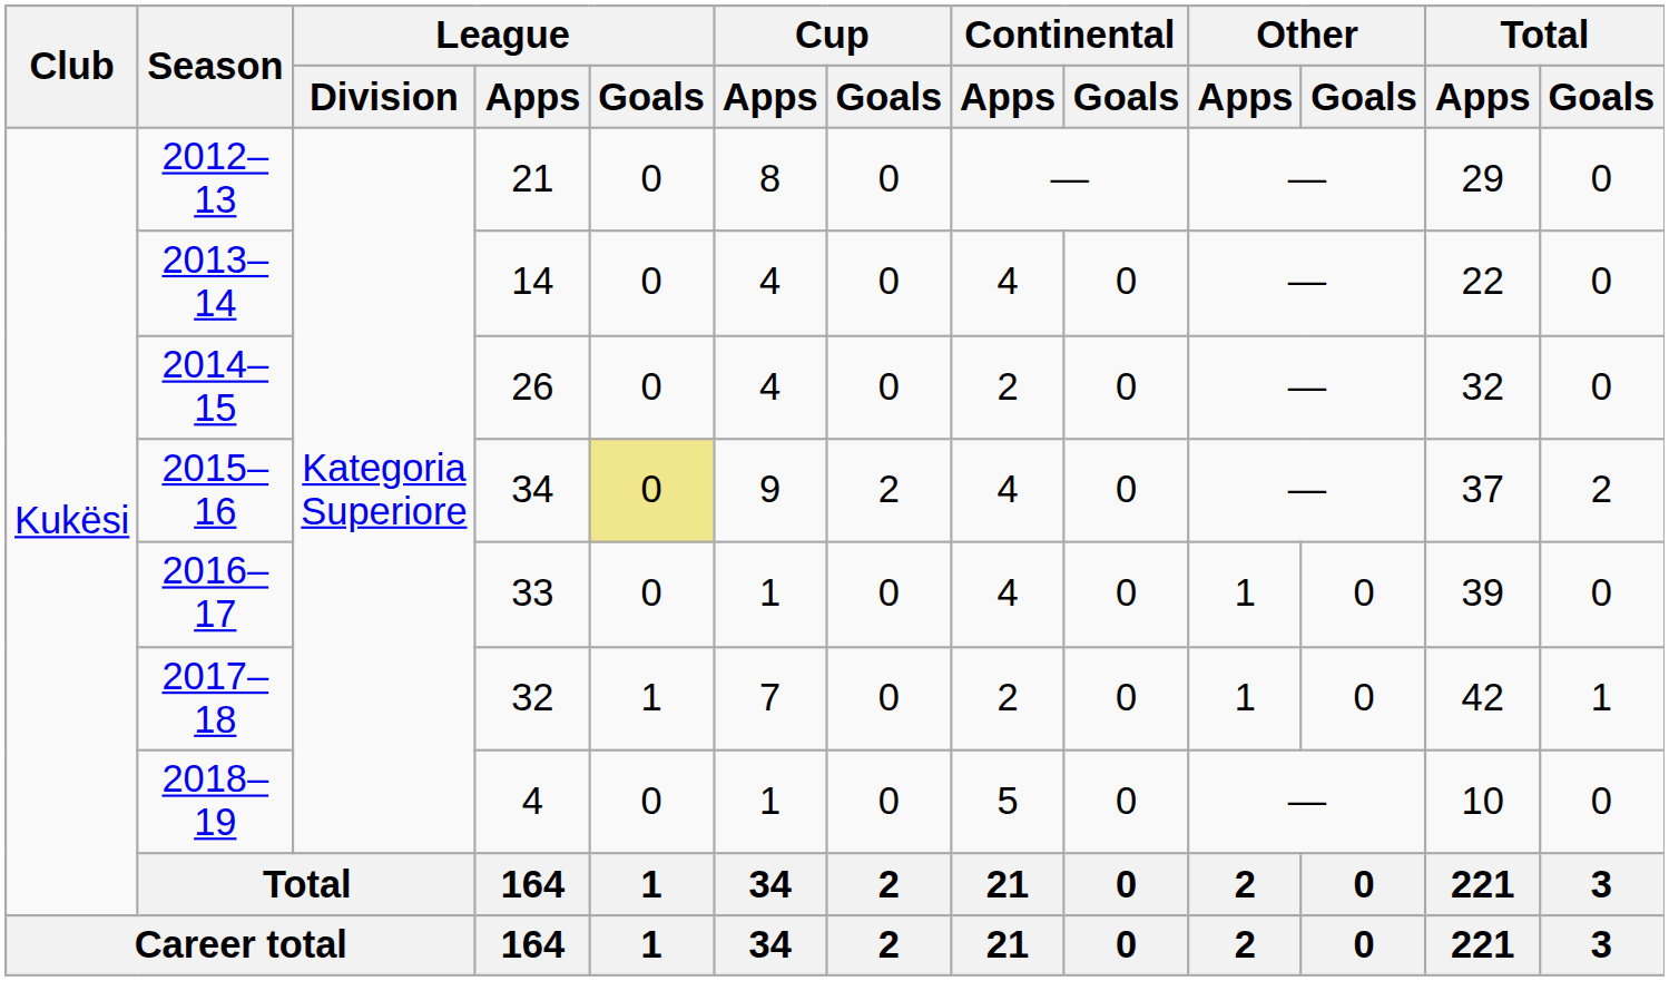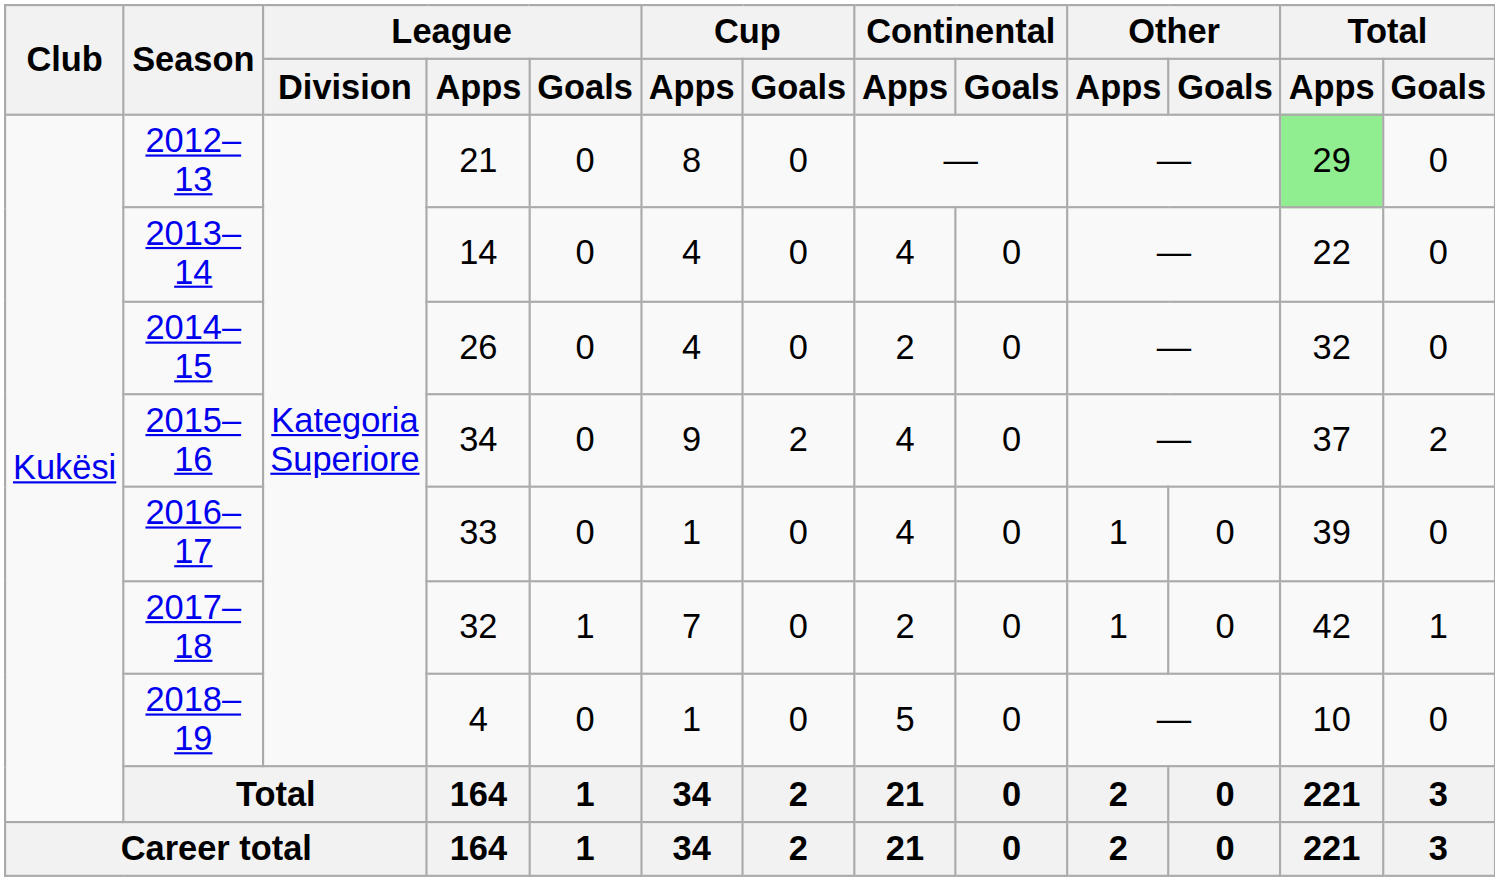 <table class="wikitable" style="text-align:center">
 <tr>
 <th rowspan="2">Club</th>
 <th rowspan="2">Season</th>
 <th colspan="3">League</th>
 <th colspan="2">Cup</th>
 <th colspan="2">Continental</th>
 <th colspan="2">Other</th>
 <th colspan="2">Total</th>
 </tr>
 <tr>
 <th>Division</th>
 <th>Apps</th>
 <th>Goals</th>
 <th>Apps</th>
 <th>Goals</th>
 <th>Apps</th>
 <th>Goals</th>
 <th>Apps</th>
 <th>Goals</th>
 <th>Apps</th>
 <th>Goals</th>
 </tr>
 <tr>
 <td rowspan="8"><a href='#'>Kukësi</a></td>
 <td><a href='#'>2012–13</a></td>
 <td rowspan="7"><a href='#'>Kategoria Superiore</a></td>
 <td>21</td>
 <td>0</td>
 <td>8</td>
 <td>0</td>
 <td colspan="2">—</td>
 <td colspan="2">—</td>
-<td>29</td>
+<td style="background: lightgreen;">29</td>
 <td>0</td>
 </tr>
 <tr>
 <td><a href='#'>2013–14</a></td>
 <td>14</td>
 <td>0</td>
 <td>4</td>
 <td>0</td>
 <td>4</td>
 <td>0</td>
 <td colspan="2">—</td>
 <td>22</td>
 <td>0</td>
 </tr>
 <tr>
 <td><a href='#'>2014–15</a></td>
 <td>26</td>
 <td>0</td>
 <td>4</td>
 <td>0</td>
 <td>2</td>
 <td>0</td>
 <td colspan="2">—</td>
 <td>32</td>
 <td>0</td>
 </tr>
 <tr>
 <td><a href='#'>2015–16</a></td>
 <td>34</td>
-<td style="background: khaki;">0</td>
+<td>0</td>
 <td>9</td>
 <td>2</td>
 <td>4</td>
 <td>0</td>
 <td colspan="2">—</td>
 <td>37</td>
 <td>2</td>
 </tr>
 <tr>
 <td><a href='#'>2016–17</a></td>
 <td>33</td>
 <td>0</td>
 <td>1</td>
 <td>0</td>
 <td>4</td>
 <td>0</td>
 <td>1</td>
 <td>0</td>
 <td>39</td>
 <td>0</td>
 </tr>
 <tr>
 <td><a href='#'>2017–18</a></td>
 <td>32</td>
 <td>1</td>
 <td>7</td>
 <td>0</td>
 <td>2</td>
 <td>0</td>
 <td>1</td>
 <td>0</td>
 <td>42</td>
 <td>1</td>
 </tr>
 <tr>
 <td><a href='#'>2018–19</a></td>
 <td>4</td>
 <td>0</td>
 <td>1</td>
 <td>0</td>
 <td>5</td>
 <td>0</td>
 <td colspan="2">—</td>
 <td>10</td>
 <td>0</td>
 </tr>
 <tr>
 <th colspan="2">Total</th>
 <th>164</th>
 <th>1</th>
 <th>34</th>
 <th>2</th>
 <th>21</th>
 <th>0</th>
 <th>2</th>
 <th>0</th>
 <th>221</th>
 <th>3</th>
 </tr>
 <tr>
 <th colspan="3">Career total</th>
 <th>164</th>
 <th>1</th>
 <th>34</th>
 <th>2</th>
 <th>21</th>
 <th>0</th>
 <th>2</th>
 <th>0</th>
 <th>221</th>
 <th>3</th>
 </tr>
 </table>
